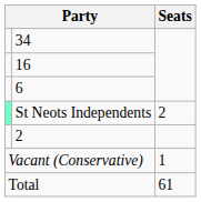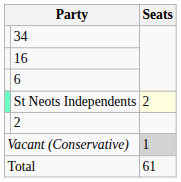 <table class="wikitable">
 <tr>
 <th colspan=2>Party</th>
 <th>Seats</th>
 </tr>
 <tr>
 <td></td>
 <td>34</td>
 </tr>
 <tr>
 <td></td>
 <td>16</td>
 </tr>
 <tr>
 <td></td>
 <td>6</td>
 </tr>
 <tr>
 <td style="background-color: #6EFFC5"></td>
 <td>St Neots Independents</td>
-<td>2</td>
+<td style="background: lightyellow;">2</td>
 </tr>
 <tr>
 <td></td>
 <td>2</td>
 </tr>
 <tr>
 <td colspan="2"><em>Vacant (Conservative)</em></td>
-<td>1</td>
+<td style="background: lightgrey;">1</td>
 </tr>
 <tr>
 <td colspan=2>Total</td>
 <td>61</td>
 </tr>
 </table>
